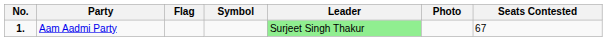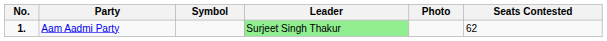 <table class="wikitable" width="60%">
 <tr>
 <th>No.</th>
 <th>Party</th>
-<th>Flag</th>
 <th>Symbol</th>
 <th>Leader</th>
 <th>Photo</th>
 <th>Seats Contested</th>
 </tr>
 <tr>
 <td ! style="text-align:center; background:"><strong>1.</strong></td>
 <td><a href='#'>Aam Aadmi Party</a></td>
 <td></td>
-<td></td>
 <td style="background: lightgreen;">Surjeet Singh Thakur</td>
 <td></td>
-<td>67</td>
+<td>62</td>
 </tr>
 </table>
